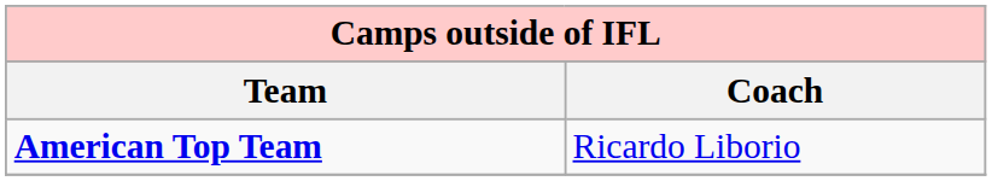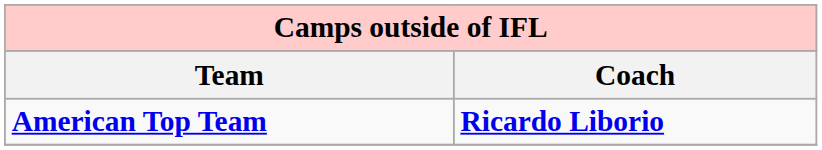 <table class="wikitable" style="width: 50%">
 <tr>
 <td bgcolor="#FFCBCB" align="center" colspan="2"><strong>Camps outside of IFL</strong></td>
 </tr>
 <tr>
 <th>Team</th>
 <th>Coach</th>
 </tr>
 <tr>
 <td><strong><a href='#'>American Top Team</a></strong></td>
-<td><a href='#'>Ricardo Liborio</a></td>
+<td><strong><a href='#'>Ricardo Liborio</a></strong></td>
 </tr>
 <tr>
 </tr>
 </table>
